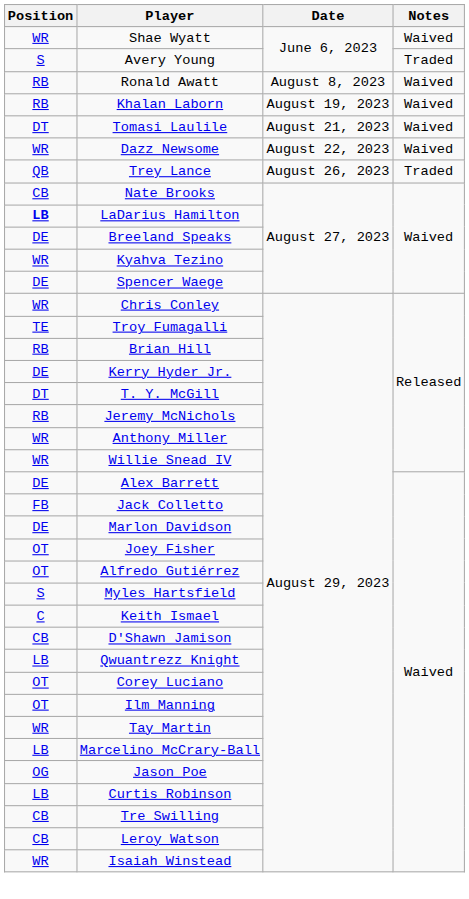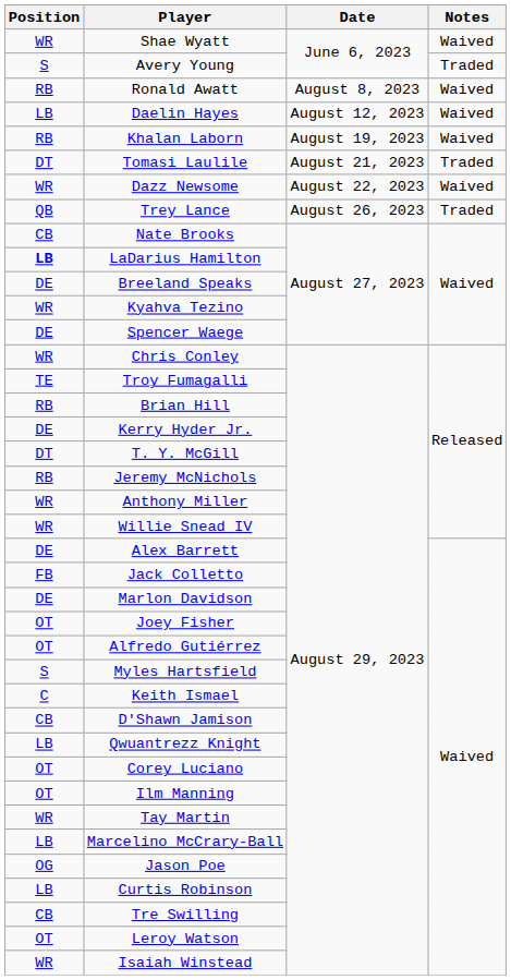 <table class="sortable wikitable" style="text-align:center">
 <tr>
 <th>Position</th>
 <th>Player</th>
 <th>Date</th>
 <th>Notes</th>
 </tr>
 <tr>
 <td><a href='#'>WR</a></td>
 <td>Shae Wyatt</td>
 <td rowspan="2">June 6, 2023</td>
 <td>Waived</td>
 </tr>
 <tr>
 <td><a href='#'>S</a></td>
 <td>Avery Young</td>
 <td>Traded</td>
 </tr>
 <tr>
 <td><a href='#'>RB</a></td>
 <td>Ronald Awatt</td>
 <td>August 8, 2023</td>
 <td>Waived</td>
 </tr>
 <tr>
+<td><a href='#'>LB</a></td>
+<td><a href='#'>Daelin Hayes</a></td>
+<td>August 12, 2023</td>
+<td>Waived</td>
+</tr>
+<tr>
 <td><a href='#'>RB</a></td>
 <td><a href='#'>Khalan Laborn</a></td>
 <td>August 19, 2023</td>
 <td>Waived</td>
 </tr>
 <tr>
 <td><a href='#'>DT</a></td>
 <td><a href='#'>Tomasi Laulile</a></td>
 <td>August 21, 2023</td>
-<td>Waived</td>
+<td>Traded</td>
 </tr>
 <tr>
 <td><a href='#'>WR</a></td>
 <td><a href='#'>Dazz Newsome</a></td>
 <td>August 22, 2023</td>
 <td>Waived</td>
 </tr>
 <tr>
 <td><a href='#'>QB</a></td>
 <td><a href='#'>Trey Lance</a></td>
 <td>August 26, 2023</td>
 <td>Traded</td>
 </tr>
 <tr>
 <td><a href='#'>CB</a></td>
 <td><a href='#'>Nate Brooks</a></td>
 <td rowspan=5>August 27, 2023</td>
 <td rowspan=5>Waived</td>
 </tr>
 <tr>
 <td><strong><a href='#'>LB</a></strong></td>
 <td><a href='#'>LaDarius Hamilton</a></td>
 </tr>
 <tr>
 <td><a href='#'>DE</a></td>
 <td><a href='#'>Breeland Speaks</a></td>
 </tr>
 <tr>
 <td><a href='#'>WR</a></td>
 <td><a href='#'>Kyahva Tezino</a></td>
 </tr>
 <tr>
 <td><a href='#'>DE</a></td>
 <td><a href='#'>Spencer Waege</a></td>
 </tr>
 <tr>
 <td><a href='#'>WR</a></td>
 <td><a href='#'>Chris Conley</a></td>
 <td rowspan="26">August 29, 2023</td>
 <td rowspan="8">Released</td>
 </tr>
 <tr>
 <td><a href='#'>TE</a></td>
 <td><a href='#'>Troy Fumagalli</a></td>
 </tr>
 <tr>
 <td><a href='#'>RB</a></td>
 <td><a href='#'>Brian Hill</a></td>
 </tr>
 <tr>
 <td><a href='#'>DE</a></td>
 <td><a href='#'>Kerry Hyder Jr.</a></td>
 </tr>
 <tr>
 <td><a href='#'>DT</a></td>
 <td><a href='#'>T. Y. McGill</a></td>
 </tr>
 <tr>
 <td><a href='#'>RB</a></td>
 <td><a href='#'>Jeremy McNichols</a></td>
 </tr>
 <tr>
 <td><a href='#'>WR</a></td>
 <td><a href='#'>Anthony Miller</a></td>
 </tr>
 <tr>
 <td><a href='#'>WR</a></td>
 <td><a href='#'>Willie Snead IV</a></td>
 </tr>
 <tr>
 <td><a href='#'>DE</a></td>
 <td><a href='#'>Alex Barrett</a></td>
 <td rowspan="18">Waived</td>
 </tr>
 <tr>
 <td><a href='#'>FB</a></td>
 <td><a href='#'>Jack Colletto</a></td>
 </tr>
 <tr>
 <td><a href='#'>DE</a></td>
 <td><a href='#'>Marlon Davidson</a></td>
 </tr>
 <tr>
 <td><a href='#'>OT</a></td>
 <td><a href='#'>Joey Fisher</a></td>
 </tr>
 <tr>
 <td><a href='#'>OT</a></td>
 <td><a href='#'>Alfredo Gutiérrez</a></td>
 </tr>
 <tr>
 <td><a href='#'>S</a></td>
 <td><a href='#'>Myles Hartsfield</a></td>
 </tr>
 <tr>
 <td><a href='#'>C</a></td>
 <td><a href='#'>Keith Ismael</a></td>
 </tr>
 <tr>
 <td><a href='#'>CB</a></td>
 <td><a href='#'>D'Shawn Jamison</a></td>
 </tr>
 <tr>
 <td><a href='#'>LB</a></td>
 <td><a href='#'>Qwuantrezz Knight</a></td>
 </tr>
 <tr>
 <td><a href='#'>OT</a></td>
 <td><a href='#'>Corey Luciano</a></td>
 </tr>
 <tr>
 <td><a href='#'>OT</a></td>
 <td><a href='#'>Ilm Manning</a></td>
 </tr>
 <tr>
 <td><a href='#'>WR</a></td>
 <td><a href='#'>Tay Martin</a></td>
 </tr>
 <tr>
 <td><a href='#'>LB</a></td>
 <td><a href='#'>Marcelino McCrary-Ball</a></td>
 </tr>
 <tr>
 <td><a href='#'>OG</a></td>
 <td><a href='#'>Jason Poe</a></td>
 </tr>
 <tr>
 <td><a href='#'>LB</a></td>
 <td><a href='#'>Curtis Robinson</a></td>
 </tr>
 <tr>
 <td><a href='#'>CB</a></td>
 <td><a href='#'>Tre Swilling</a></td>
 </tr>
 <tr>
-<td><a href='#'>CB</a></td>
+<td><a href='#'>OT</a></td>
 <td><a href='#'>Leroy Watson</a></td>
 </tr>
 <tr>
 <td><a href='#'>WR</a></td>
 <td><a href='#'>Isaiah Winstead</a></td>
 </tr>
 </table>
